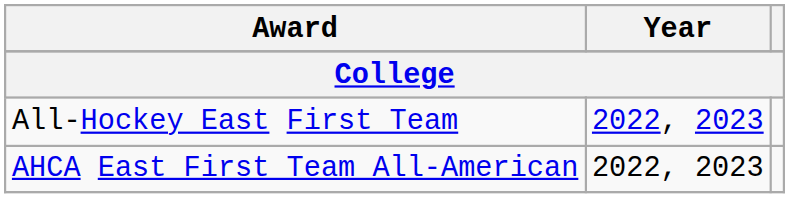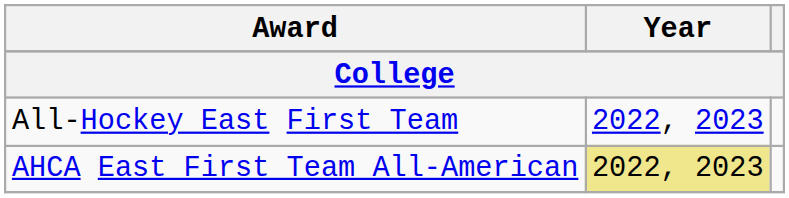 <table class="wikitable">
 <tr>
 <th>Award</th>
 <th>Year</th>
 <th></th>
 </tr>
 <tr ALIGN="center" bgcolor="#e0e0e0">
 </tr>
 <tr ALIGN="center" bgcolor="#e0e0e0">
 <th colspan="3"><a href='#'>College</a></th>
 </tr>
 <tr>
 <td>All-<a href='#'>Hockey East</a> <a href='#'>First Team</a></td>
 <td><a href='#'>2022</a>, <a href='#'>2023</a></td>
 <td></td>
 </tr>
 <tr>
 <td><a href='#'>AHCA</a> <a href='#'>East First Team All-American</a></td>
-<td>2022, 2023</td>
+<td style="background: khaki;">2022, 2023</td>
 <td></td>
 </tr>
 <tr>
 </tr>
 </table>
